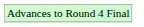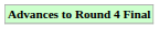 <table class="wikitable">
 <tr>
 </tr>
 <tr width=10px bgcolor=ccffcc>
-<td>Advances to Round 4 Final</td>
+<td><strong>Advances to Round 4 Final</strong></td>
 </tr>
 <tr>
 </tr>
 </table>
